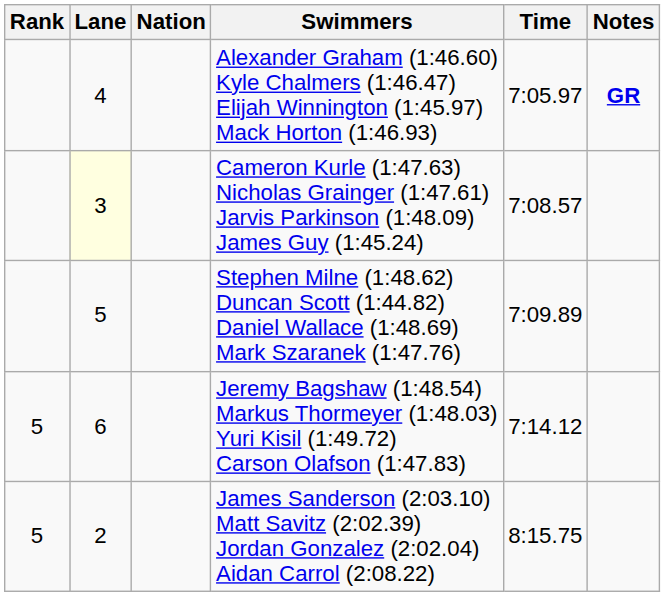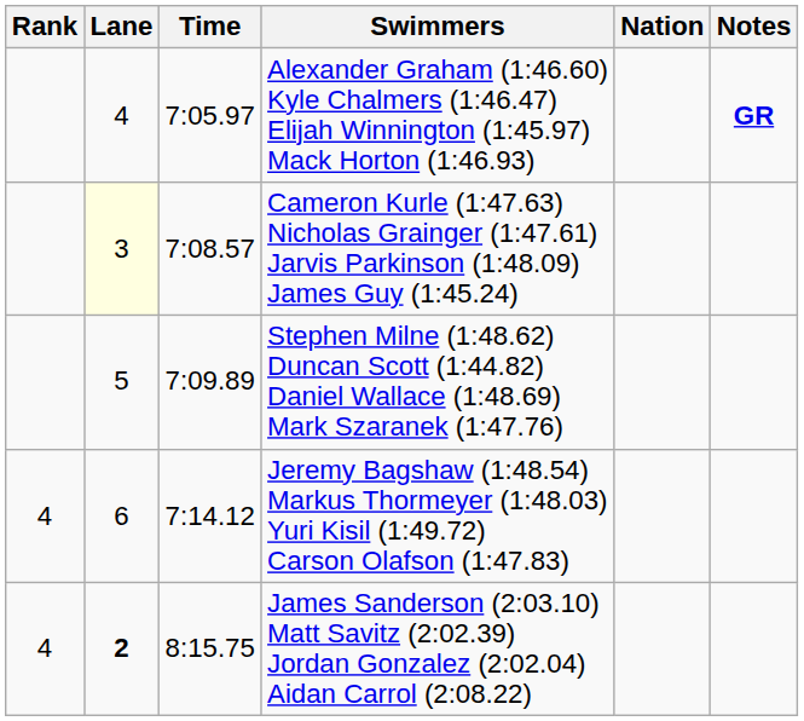 <table class="wikitable sortable" style="text-align:center">
 <tr>
 <th>Rank</th>
 <th>Lane</th>
+<th>Time</th>
+<th>Swimmers</th>
 <th>Nation</th>
-<th>Swimmers</th>
-<th>Time</th>
 <th>Notes</th>
 </tr>
 <tr>
 <td></td>
 <td>4</td>
+<td>7:05.97</td>
+<td align=left><a href='#'>Alexander Graham</a> (1:46.60)<br><a href='#'>Kyle Chalmers</a> (1:46.47)<br><a href='#'>Elijah Winnington</a> (1:45.97)<br><a href='#'>Mack Horton</a> (1:46.93)</td>
 <td align="left"></td>
-<td align=left><a href='#'>Alexander Graham</a> (1:46.60)<br><a href='#'>Kyle Chalmers</a> (1:46.47)<br><a href='#'>Elijah Winnington</a> (1:45.97)<br><a href='#'>Mack Horton</a> (1:46.93)</td>
-<td>7:05.97</td>
 <td><strong><a href='#'>GR</a></strong></td>
 </tr>
 <tr>
 <td></td>
 <td style="background: lightyellow;">3</td>
+<td>7:08.57</td>
+<td align=left><a href='#'>Cameron Kurle</a> (1:47.63)<br><a href='#'>Nicholas Grainger</a> (1:47.61)<br><a href='#'>Jarvis Parkinson</a> (1:48.09)<br><a href='#'>James Guy</a> (1:45.24)</td>
 <td align="left"></td>
-<td align=left><a href='#'>Cameron Kurle</a> (1:47.63)<br><a href='#'>Nicholas Grainger</a> (1:47.61)<br><a href='#'>Jarvis Parkinson</a> (1:48.09)<br><a href='#'>James Guy</a> (1:45.24)</td>
-<td>7:08.57</td>
 <td></td>
 </tr>
 <tr>
 <td></td>
 <td>5</td>
+<td>7:09.89</td>
+<td align=left><a href='#'>Stephen Milne</a> (1:48.62)<br><a href='#'>Duncan Scott</a> (1:44.82)<br><a href='#'>Daniel Wallace</a> (1:48.69)<br><a href='#'>Mark Szaranek</a> (1:47.76)</td>
 <td align="left"></td>
-<td align=left><a href='#'>Stephen Milne</a> (1:48.62)<br><a href='#'>Duncan Scott</a> (1:44.82)<br><a href='#'>Daniel Wallace</a> (1:48.69)<br><a href='#'>Mark Szaranek</a> (1:47.76)</td>
-<td>7:09.89</td>
 <td></td>
 </tr>
 <tr>
-<td>5</td>
+<td>4</td>
 <td>6</td>
+<td>7:14.12</td>
+<td align=left><a href='#'>Jeremy Bagshaw</a> (1:48.54)<br><a href='#'>Markus Thormeyer</a> (1:48.03)<br><a href='#'>Yuri Kisil</a> (1:49.72)<br><a href='#'>Carson Olafson</a> (1:47.83)</td>
 <td align="left"></td>
-<td align=left><a href='#'>Jeremy Bagshaw</a> (1:48.54)<br><a href='#'>Markus Thormeyer</a> (1:48.03)<br><a href='#'>Yuri Kisil</a> (1:49.72)<br><a href='#'>Carson Olafson</a> (1:47.83)</td>
-<td>7:14.12</td>
 <td></td>
 </tr>
 <tr>
-<td>5</td>
-<td>2</td>
+<td>4</td>
+<td><strong>2</strong></td>
+<td>8:15.75</td>
+<td align=left><a href='#'>James Sanderson</a> (2:03.10)<br><a href='#'>Matt Savitz</a> (2:02.39)<br><a href='#'>Jordan Gonzalez</a> (2:02.04)<br><a href='#'>Aidan Carrol</a> (2:08.22)</td>
 <td align="left"></td>
-<td align=left><a href='#'>James Sanderson</a> (2:03.10)<br><a href='#'>Matt Savitz</a> (2:02.39)<br><a href='#'>Jordan Gonzalez</a> (2:02.04)<br><a href='#'>Aidan Carrol</a> (2:08.22)</td>
-<td>8:15.75</td>
 <td></td>
 </tr>
 </table>
